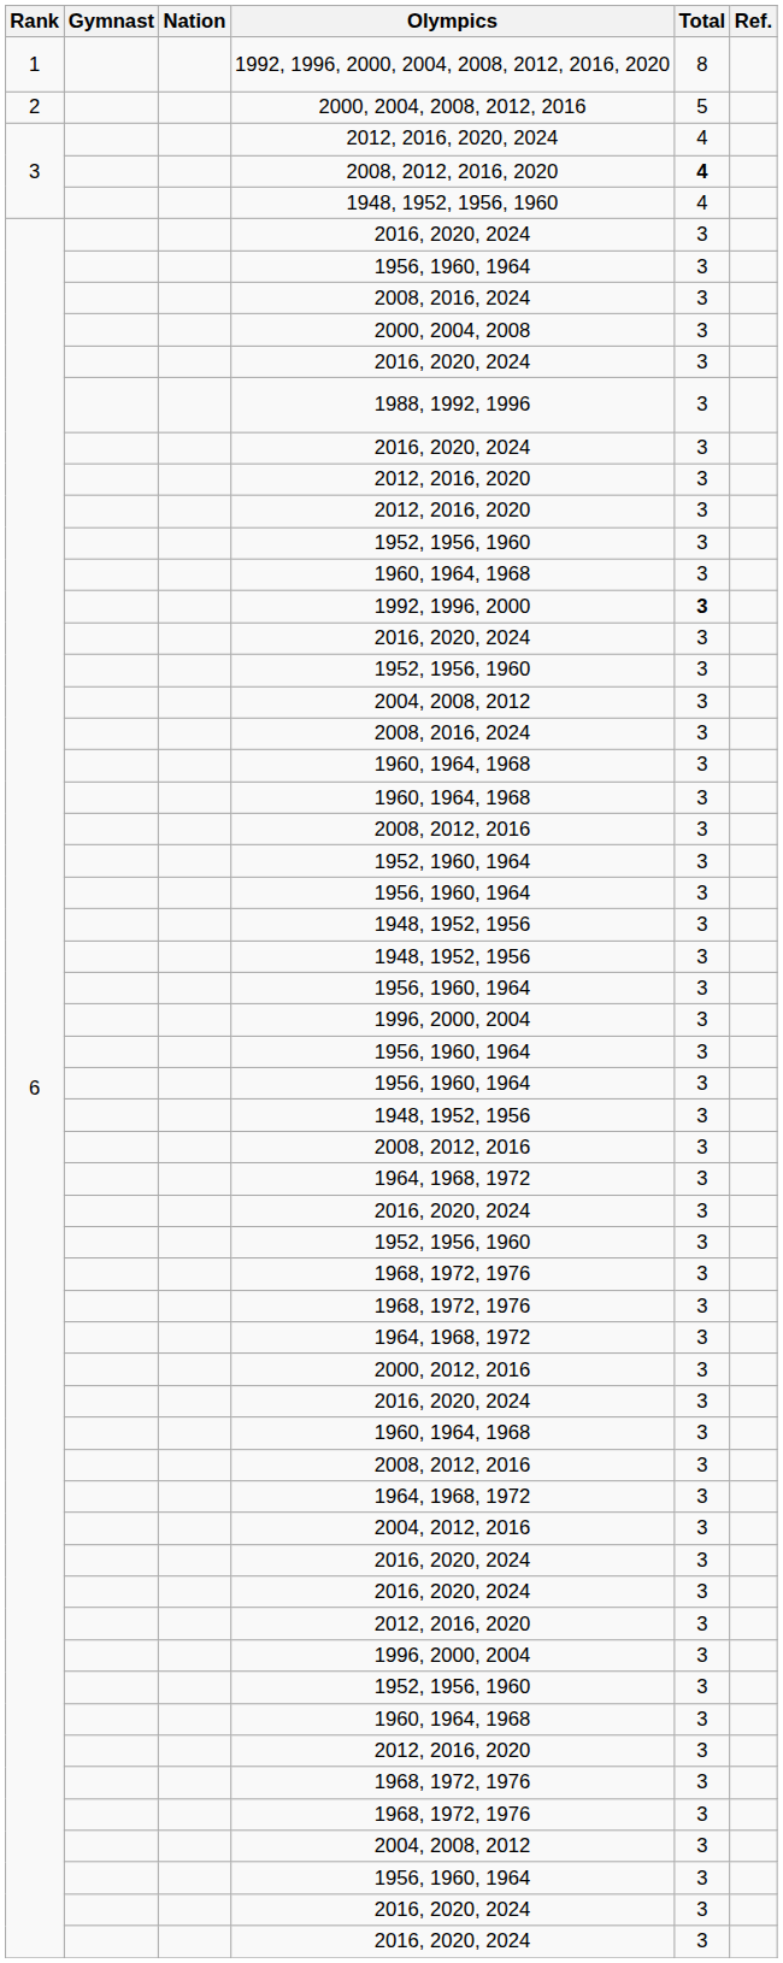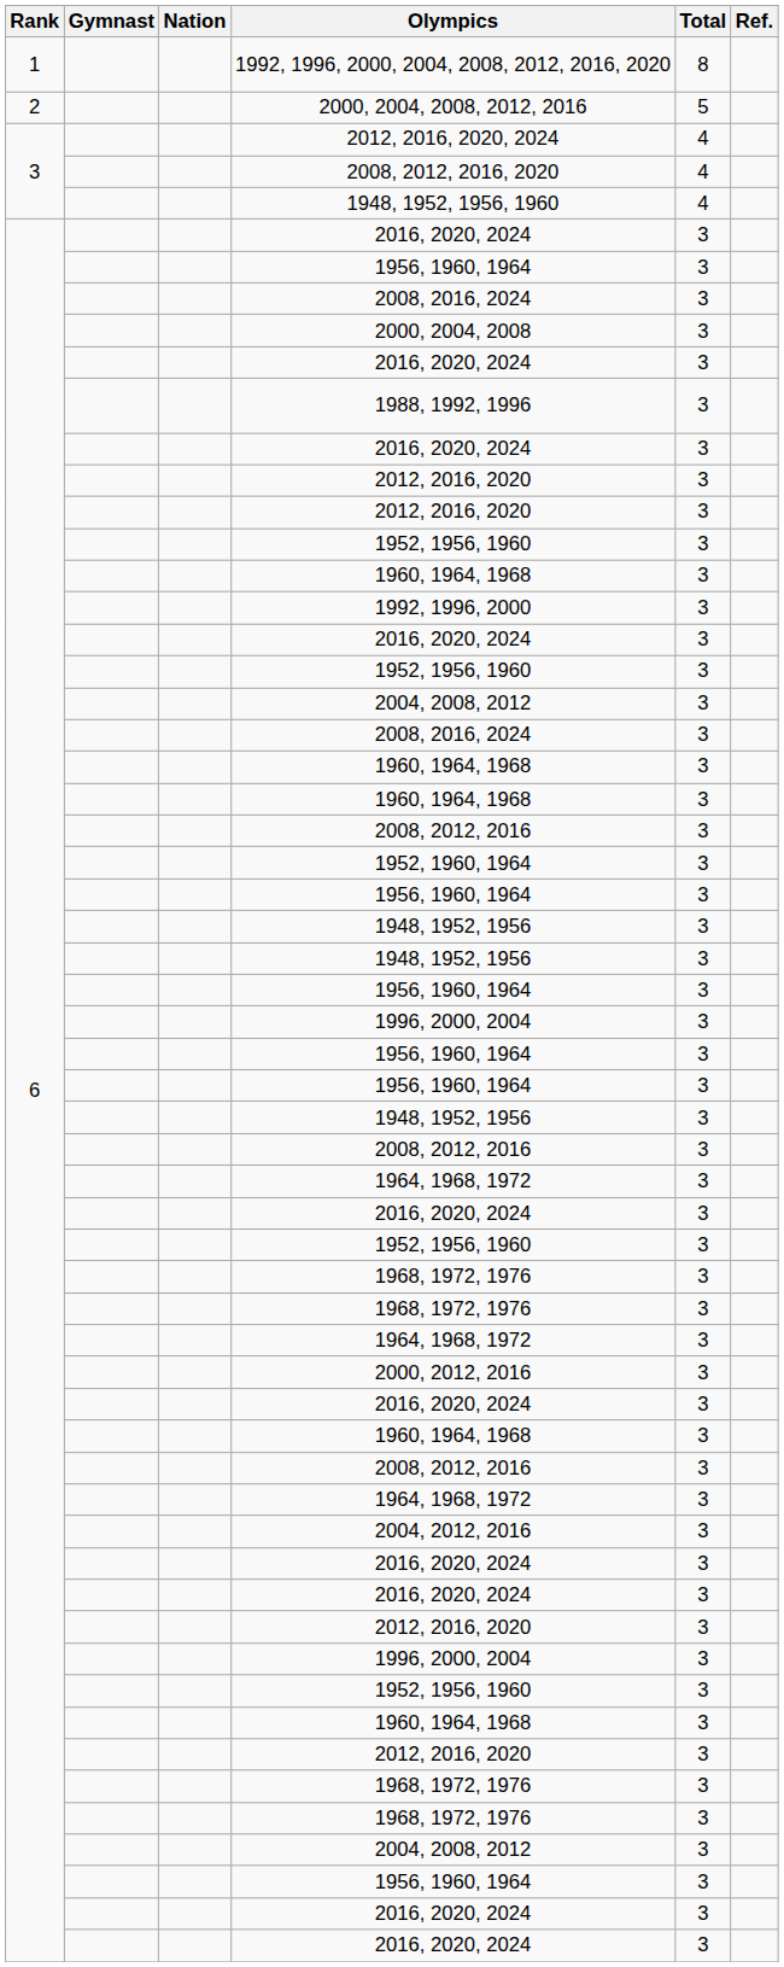 <table class="wikitable sortable" style="text-align:center;">
 <tr>
 <th>Rank</th>
 <th>Gymnast</th>
 <th>Nation</th>
 <th>Olympics</th>
 <th>Total</th>
 <th class="unsortable">Ref.</th>
 </tr>
 <tr>
 <td>1</td>
 <td align="left"></td>
 <td align="left"><br><br></td>
 <td>1992, 1996, 2000, 2004, 2008, 2012, 2016, 2020</td>
 <td>8</td>
 <td></td>
 </tr>
 <tr>
 <td>2</td>
 <td align="left"></td>
 <td align="left"></td>
 <td>2000, 2004, 2008, 2012, 2016</td>
 <td>5</td>
 <td></td>
 </tr>
 <tr>
 <td rowspan="3">3</td>
 <td align=left></td>
 <td align=left></td>
 <td>2012, 2016, 2020, 2024</td>
 <td>4</td>
 <td></td>
 </tr>
 <tr>
 <td align="left"></td>
 <td align="left"></td>
 <td>2008, 2012, 2016, 2020</td>
-<td><strong>4</strong></td>
+<td>4</td>
 <td></td>
 </tr>
 <tr>
 <td align="left"></td>
 <td align="left"></td>
 <td>1948, 1952, 1956, 1960</td>
 <td>4</td>
 <td></td>
 </tr>
 <tr>
 <td rowspan="54">6</td>
 <td align=left></td>
 <td align=left></td>
 <td>2016, 2020, 2024</td>
 <td>3</td>
 <td></td>
 </tr>
 <tr>
 <td align=left></td>
 <td align=left></td>
 <td>1956, 1960, 1964</td>
 <td>3</td>
 <td></td>
 </tr>
 <tr>
 <td align=left></td>
 <td align=left></td>
 <td>2008, 2016, 2024</td>
 <td>3</td>
 <td></td>
 </tr>
 <tr>
 <td align=left></td>
 <td align=left></td>
 <td>2000, 2004, 2008</td>
 <td>3</td>
 <td></td>
 </tr>
 <tr>
 <td align=left></td>
 <td align=left></td>
 <td>2016, 2020, 2024</td>
 <td>3</td>
 <td></td>
 </tr>
 <tr>
 <td align=left></td>
 <td align=left><br><br></td>
 <td>1988, 1992, 1996</td>
 <td>3</td>
 <td></td>
 </tr>
 <tr>
 <td align=left></td>
 <td align=left></td>
 <td>2016, 2020, 2024</td>
 <td>3</td>
 <td></td>
 </tr>
 <tr>
 <td align=left></td>
 <td align=left></td>
 <td>2012, 2016, 2020</td>
 <td>3</td>
 <td></td>
 </tr>
 <tr>
 <td align=left></td>
 <td align=left></td>
 <td>2012, 2016, 2020</td>
 <td>3</td>
 <td></td>
 </tr>
 <tr>
 <td align=left></td>
 <td align=left></td>
 <td>1952, 1956, 1960</td>
 <td>3</td>
 <td></td>
 </tr>
 <tr>
 <td align=left></td>
 <td align=left></td>
 <td>1960, 1964, 1968</td>
 <td>3</td>
 <td></td>
 </tr>
 <tr>
 <td align=left></td>
 <td align=left></td>
 <td>1992, 1996, 2000</td>
-<td><strong>3</strong></td>
+<td>3</td>
 <td></td>
 </tr>
 <tr>
 <td align=left></td>
 <td align=left></td>
 <td>2016, 2020, 2024</td>
 <td>3</td>
 <td></td>
 </tr>
 <tr>
 <td align=left></td>
 <td align=left></td>
 <td>1952, 1956, 1960</td>
 <td>3</td>
 <td></td>
 </tr>
 <tr>
 <td align=left></td>
 <td align=left></td>
 <td>2004, 2008, 2012</td>
 <td>3</td>
 <td></td>
 </tr>
 <tr>
 <td align=left></td>
 <td align=left></td>
 <td>2008, 2016, 2024</td>
 <td>3</td>
 <td></td>
 </tr>
 <tr>
 <td align=left></td>
 <td align=left></td>
 <td>1960, 1964, 1968</td>
 <td>3</td>
 <td></td>
 </tr>
 <tr>
 <td align=left></td>
 <td align=left></td>
 <td>1960, 1964, 1968</td>
 <td>3</td>
 <td></td>
 </tr>
 <tr>
 <td align=left></td>
 <td align=left></td>
 <td>2008, 2012, 2016</td>
 <td>3</td>
 <td></td>
 </tr>
 <tr>
 <td align=left></td>
 <td align=left></td>
 <td>1952, 1960, 1964</td>
 <td>3</td>
 <td></td>
 </tr>
 <tr>
 <td align=left></td>
 <td align=left></td>
 <td>1956, 1960, 1964</td>
 <td>3</td>
 <td></td>
 </tr>
 <tr>
 <td align=left></td>
 <td align=left></td>
 <td>1948, 1952, 1956</td>
 <td>3</td>
 <td></td>
 </tr>
 <tr>
 <td align=left></td>
 <td align=left></td>
 <td>1948, 1952, 1956</td>
 <td>3</td>
 <td></td>
 </tr>
 <tr>
 <td align=left></td>
 <td align=left></td>
 <td>1956, 1960, 1964</td>
 <td>3</td>
 <td></td>
 </tr>
 <tr>
 <td align=left></td>
 <td align=left></td>
 <td>1996, 2000, 2004</td>
 <td>3</td>
 <td></td>
 </tr>
 <tr>
 <td align=left></td>
 <td align=left></td>
 <td>1956, 1960, 1964</td>
 <td>3</td>
 <td></td>
 </tr>
 <tr>
 <td align=left></td>
 <td align=left></td>
 <td>1956, 1960, 1964</td>
 <td>3</td>
 <td></td>
 </tr>
 <tr>
 <td align=left></td>
 <td align=left></td>
 <td>1948, 1952, 1956</td>
 <td>3</td>
 <td></td>
 </tr>
 <tr>
 <td align=left></td>
 <td align=left></td>
 <td>2008, 2012, 2016</td>
 <td>3</td>
 <td></td>
 </tr>
 <tr>
 <td align=left></td>
 <td align=left></td>
 <td>1964, 1968, 1972</td>
 <td>3</td>
 <td></td>
 </tr>
 <tr>
 <td align=left></td>
 <td align=left></td>
 <td>2016, 2020, 2024</td>
 <td>3</td>
 <td></td>
 </tr>
 <tr>
 <td align=left></td>
 <td align=left></td>
 <td>1952, 1956, 1960</td>
 <td>3</td>
 <td></td>
 </tr>
 <tr>
 <td align=left></td>
 <td align=left></td>
 <td>1968, 1972, 1976</td>
 <td>3</td>
 <td></td>
 </tr>
 <tr>
 <td align=left></td>
 <td align=left></td>
 <td>1968, 1972, 1976</td>
 <td>3</td>
 <td></td>
 </tr>
 <tr>
 <td align=left></td>
 <td align=left></td>
 <td>1964, 1968, 1972</td>
 <td>3</td>
 <td></td>
 </tr>
 <tr>
 <td align=left></td>
 <td align=left></td>
 <td>2000, 2012, 2016</td>
 <td>3</td>
 <td></td>
 </tr>
 <tr>
 <td align=left></td>
 <td align=left></td>
 <td>2016, 2020, 2024</td>
 <td>3</td>
 <td></td>
 </tr>
 <tr>
 <td align=left></td>
 <td align=left></td>
 <td>1960, 1964, 1968</td>
 <td>3</td>
 <td></td>
 </tr>
 <tr>
 <td align=left></td>
 <td align=left></td>
 <td>2008, 2012, 2016</td>
 <td>3</td>
 <td></td>
 </tr>
 <tr>
 <td align=left></td>
 <td align=left></td>
 <td>1964, 1968, 1972</td>
 <td>3</td>
 <td></td>
 </tr>
 <tr>
 <td align=left></td>
 <td align=left></td>
 <td>2004, 2012, 2016</td>
 <td>3</td>
 <td></td>
 </tr>
 <tr>
 <td align=left></td>
 <td align=left></td>
 <td>2016, 2020, 2024</td>
 <td>3</td>
 <td></td>
 </tr>
 <tr>
 <td align=left></td>
 <td align=left></td>
 <td>2016, 2020, 2024</td>
 <td>3</td>
 <td></td>
 </tr>
 <tr>
 <td align=left></td>
 <td align=left></td>
 <td>2012, 2016, 2020</td>
 <td>3</td>
 <td></td>
 </tr>
 <tr>
 <td align=left></td>
 <td align=left></td>
 <td>1996, 2000, 2004</td>
 <td>3</td>
 <td></td>
 </tr>
 <tr>
 <td align=left></td>
 <td align=left></td>
 <td>1952, 1956, 1960</td>
 <td>3</td>
 <td></td>
 </tr>
 <tr>
 <td align=left></td>
 <td align=left><br></td>
 <td>1960, 1964, 1968</td>
 <td>3</td>
 <td></td>
 </tr>
 <tr>
 <td align=left></td>
 <td align=left></td>
 <td>2012, 2016, 2020</td>
 <td>3</td>
 <td></td>
 </tr>
 <tr>
 <td align=left></td>
 <td align=left></td>
 <td>1968, 1972, 1976</td>
 <td>3</td>
 <td></td>
 </tr>
 <tr>
 <td align=left></td>
 <td align=left></td>
 <td>1968, 1972, 1976</td>
 <td>3</td>
 <td></td>
 </tr>
 <tr>
 <td align=left></td>
 <td align=left></td>
 <td>2004, 2008, 2012</td>
 <td>3</td>
 <td></td>
 </tr>
 <tr>
 <td align=left></td>
 <td align=left></td>
 <td>1956, 1960, 1964</td>
 <td>3</td>
 <td></td>
 </tr>
 <tr>
 <td align=left></td>
 <td align=left></td>
 <td>2016, 2020, 2024</td>
 <td>3</td>
 <td></td>
 </tr>
 <tr>
 <td align=left></td>
 <td align=left></td>
 <td>2016, 2020, 2024</td>
 <td>3</td>
 <td></td>
 </tr>
 </table>
